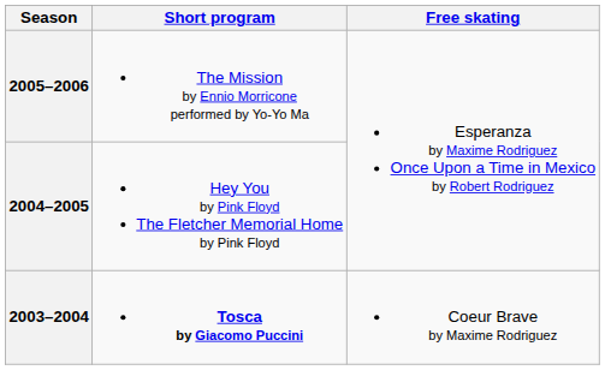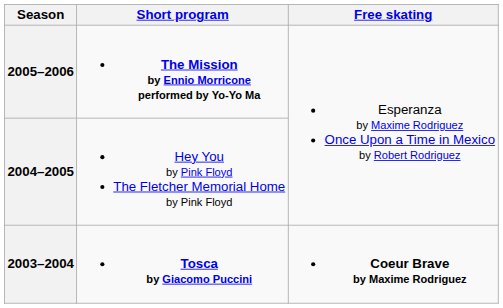 <table class=wikitable style=text-align:center>
 <tr>
 <th>Season</th>
 <th><a href='#'>Short program</a></th>
 <th><a href='#'>Free skating</a></th>
 </tr>
 <tr>
 <th>2005–2006 <br> </th>
-<td><br><ul><li><a href='#'>The Mission</a> <br><small> by <a href='#'>Ennio Morricone</a> <br> performed by Yo-Yo Ma </small></li></ul></td>
+<td><strong><br><ul><li><a href='#'>The Mission</a> <br><small> by <a href='#'>Ennio Morricone</a> <br> performed by Yo-Yo Ma </small></li></ul></strong></td>
 <td rowspan=2><br><ul><li>Esperanza <br><small> by <a href='#'>Maxime Rodriguez</a> </small></li><li><a href='#'>Once Upon a Time in Mexico</a> <br><small> by <a href='#'>Robert Rodriguez</a> </small></li></ul></td>
 </tr>
 <tr>
 <th>2004–2005 <br> </th>
 <td><br><ul><li><a href='#'>Hey You</a> <br><small> by <a href='#'>Pink Floyd</a> </small></li><li><a href='#'>The Fletcher Memorial Home</a> <br><small> by Pink Floyd </small></li></ul></td>
 </tr>
 <tr>
 <th>2003–2004 <br> </th>
 <td><strong><br><ul><li><a href='#'>Tosca</a> <br><small> by <a href='#'>Giacomo Puccini</a> </small></li></ul></strong></td>
-<td><br><ul><li>Coeur Brave <br><small> by Maxime Rodriguez </small></li></ul></td>
+<td><strong><br><ul><li>Coeur Brave <br><small> by Maxime Rodriguez </small></li></ul></strong></td>
 </tr>
 </table>
